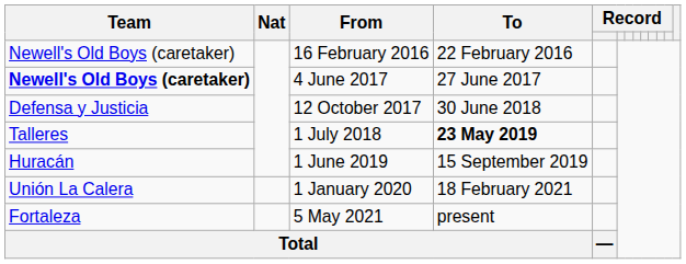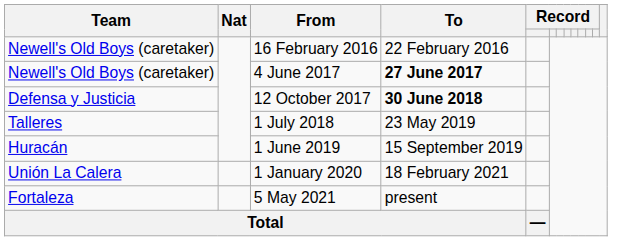 <table class="wikitable" style="text-align: center">
 <tr>
 <th rowspan="2">Team</th>
 <th rowspan="2">Nat</th>
 <th rowspan="2">From</th>
 <th rowspan="2">To</th>
 <th colspan="8">Record</th>
 <th rowspan="2"></th>
 </tr>
 <tr>
 <th></th>
 <th></th>
 <th></th>
 <th></th>
 <th></th>
 <th></th>
 <th></th>
 <th></th>
 </tr>
 <tr align=center>
 <td align=left><a href='#'>Newell's Old Boys</a> (caretaker)</td>
 <td rowspan="5"></td>
 <td align=left>16 February 2016</td>
 <td align=left>22 February 2016<br></td>
 <td></td>
 </tr>
 <tr align=center>
-<td align=left><strong><a href='#'>Newell's Old Boys</a> (caretaker)</strong></td>
+<td align=left><a href='#'>Newell's Old Boys</a> (caretaker)</td>
 <td align=left>4 June 2017</td>
-<td align=left>27 June 2017<br></td>
+<td align=left><strong>27 June 2017<br></strong></td>
 <td></td>
 </tr>
 <tr align=center>
 <td align=left><a href='#'>Defensa y Justicia</a></td>
 <td align=left>12 October 2017</td>
-<td align=left>30 June 2018<br></td>
+<td align=left><strong>30 June 2018<br></strong></td>
 <td></td>
 </tr>
 <tr align=center>
 <td align=left><a href='#'>Talleres</a></td>
 <td align=left>1 July 2018</td>
-<td align=left><strong>23 May 2019<br></strong></td>
+<td align=left>23 May 2019<br></td>
 <td></td>
 </tr>
 <tr align=center>
 <td align=left><a href='#'>Huracán</a></td>
 <td align=left>1 June 2019</td>
 <td align=left>15 September 2019<br></td>
 <td></td>
 </tr>
 <tr align=center>
 <td align=left><a href='#'>Unión La Calera</a></td>
 <td></td>
 <td align=left>1 January 2020</td>
 <td align=left>18 February 2021<br></td>
 <td></td>
 </tr>
 <tr align=center>
 <td align=left><a href='#'>Fortaleza</a></td>
 <td></td>
 <td align=left>5 May 2021</td>
 <td align=left>present<br></td>
 <td></td>
 </tr>
 <tr align=center>
 <th colspan="4">Total<br></th>
 <th>—</th>
 </tr>
 </table>
